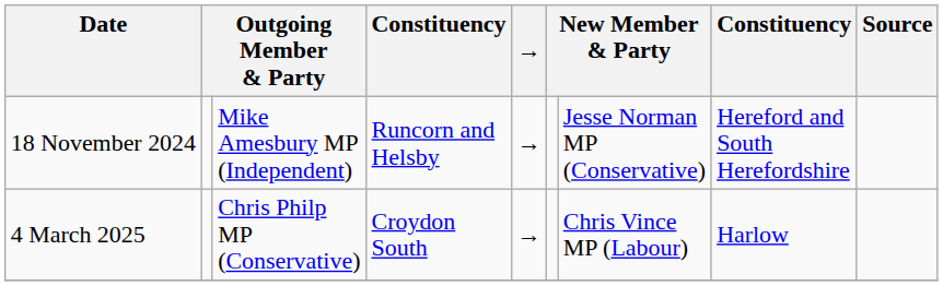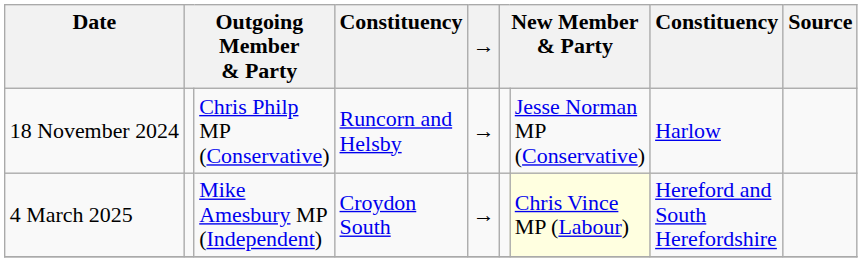 <table class="wikitable">
 <tr>
 <th valign="top">Date</th>
 <th colspan="2" valign="top">Outgoing Member<br>& Party</th>
 <th valign="top">Constituency</th>
 <th>→</th>
 <th colspan="2" valign="top">New Member<br>& Party</th>
 <th valign="top">Constituency</th>
 <th valign="top">Source</th>
 </tr>
 <tr>
 <td nowrap>18 November 2024</td>
 <td style="color:inherit;background:"></td>
-<td><a href='#'>Mike Amesbury</a> MP (<a href='#'>Independent</a>)</td>
+<td><a href='#'>Chris Philp</a> MP (<a href='#'>Conservative</a>)</td>
 <td><a href='#'>Runcorn and Helsby</a></td>
 <td>→</td>
 <td style="color:inherit;background:"></td>
 <td><a href='#'>Jesse Norman</a> MP (<a href='#'>Conservative</a>)</td>
-<td><a href='#'>Hereford and South Herefordshire</a></td>
+<td><a href='#'>Harlow</a></td>
 <td></td>
 </tr>
 <tr>
 <td nowrap>4 March 2025</td>
 <td style="color:inherit;background:"></td>
-<td><a href='#'>Chris Philp</a> MP (<a href='#'>Conservative</a>)</td>
+<td><a href='#'>Mike Amesbury</a> MP (<a href='#'>Independent</a>)</td>
 <td><a href='#'>Croydon South</a></td>
 <td>→</td>
 <td style="color:inherit;background:"></td>
-<td><a href='#'>Chris Vince</a> MP (<a href='#'>Labour</a>)</td>
-<td><a href='#'>Harlow</a></td>
+<td style="background: lightyellow;"><a href='#'>Chris Vince</a> MP (<a href='#'>Labour</a>)</td>
+<td><a href='#'>Hereford and South Herefordshire</a></td>
 <td></td>
 </tr>
 <tr>
 </tr>
 </table>
